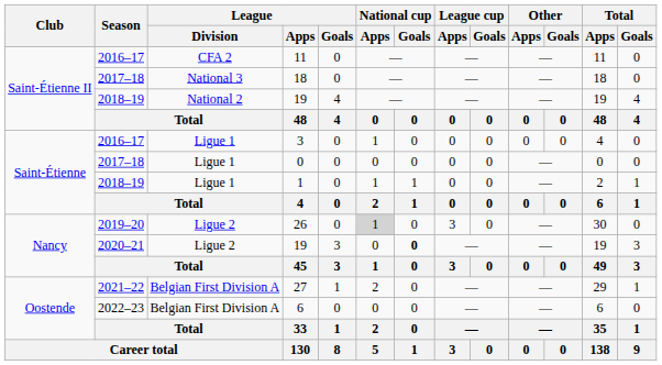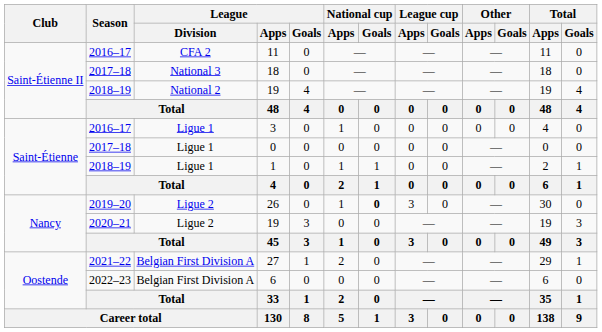 <table class="wikitable" style="text-align:center">
 <tr>
 <th rowspan="2">Club</th>
 <th rowspan="2">Season</th>
 <th colspan="3">League</th>
 <th colspan="2">National cup</th>
 <th colspan="2">League cup</th>
 <th colspan="2">Other</th>
 <th colspan="2">Total</th>
 </tr>
 <tr>
 <th>Division</th>
 <th>Apps</th>
 <th>Goals</th>
 <th>Apps</th>
 <th>Goals</th>
 <th>Apps</th>
 <th>Goals</th>
 <th>Apps</th>
 <th>Goals</th>
 <th>Apps</th>
 <th>Goals</th>
 </tr>
 <tr>
 <td rowspan="4"><a href='#'>Saint-Étienne II</a></td>
 <td><a href='#'>2016–17</a></td>
 <td><a href='#'>CFA 2</a></td>
 <td>11</td>
 <td>0</td>
 <td colspan="2">—</td>
 <td colspan="2">—</td>
 <td colspan="2">—</td>
 <td>11</td>
 <td>0</td>
 </tr>
 <tr>
 <td><a href='#'>2017–18</a></td>
 <td><a href='#'>National 3</a></td>
 <td>18</td>
 <td>0</td>
 <td colspan="2">—</td>
 <td colspan="2">—</td>
 <td colspan="2">—</td>
 <td>18</td>
 <td>0</td>
 </tr>
 <tr>
 <td><a href='#'>2018–19</a></td>
 <td><a href='#'>National 2</a></td>
 <td>19</td>
 <td>4</td>
 <td colspan="2">—</td>
 <td colspan="2">—</td>
 <td colspan="2">—</td>
 <td>19</td>
 <td>4</td>
 </tr>
 <tr>
 <th colspan="2">Total</th>
 <th>48</th>
 <th>4</th>
 <th>0</th>
 <th>0</th>
 <th>0</th>
 <th>0</th>
 <th>0</th>
 <th>0</th>
 <th>48</th>
 <th>4</th>
 </tr>
 <tr>
 <td rowspan="4"><a href='#'>Saint-Étienne</a></td>
 <td><a href='#'>2016–17</a></td>
 <td><a href='#'>Ligue 1</a></td>
 <td>3</td>
 <td>0</td>
 <td>1</td>
 <td>0</td>
 <td>0</td>
 <td>0</td>
 <td>0</td>
 <td>0</td>
 <td>4</td>
 <td>0</td>
 </tr>
 <tr>
 <td><a href='#'>2017–18</a></td>
 <td>Ligue 1</td>
 <td>0</td>
 <td>0</td>
 <td>0</td>
 <td>0</td>
 <td>0</td>
 <td>0</td>
 <td colspan="2">—</td>
 <td>0</td>
 <td>0</td>
 </tr>
 <tr>
 <td><a href='#'>2018–19</a></td>
 <td>Ligue 1</td>
 <td>1</td>
 <td>0</td>
 <td>1</td>
 <td>1</td>
 <td>0</td>
 <td>0</td>
 <td colspan="2">—</td>
 <td>2</td>
 <td>1</td>
 </tr>
 <tr>
 <th colspan="2">Total</th>
 <th>4</th>
 <th>0</th>
 <th>2</th>
 <th>1</th>
 <th>0</th>
 <th>0</th>
 <th>0</th>
 <th>0</th>
 <th>6</th>
 <th>1</th>
 </tr>
 <tr>
 <td rowspan="3"><a href='#'>Nancy</a></td>
 <td><a href='#'>2019–20</a></td>
 <td rowspan="1"><a href='#'>Ligue 2</a></td>
 <td>26</td>
 <td>0</td>
-<td style="background: lightgrey;">1</td>
-<td>0</td>
+<td>1</td>
+<td><strong>0</strong></td>
 <td>3</td>
 <td>0</td>
 <td colspan="2">—</td>
 <td>30</td>
 <td>0</td>
 </tr>
 <tr>
 <td><a href='#'>2020–21</a></td>
 <td>Ligue 2</td>
 <td>19</td>
 <td>3</td>
 <td>0</td>
-<td><strong>0</strong></td>
+<td>0</td>
 <td colspan="2">—</td>
 <td colspan="2">—</td>
 <td>19</td>
 <td>3</td>
 </tr>
 <tr>
 <th colspan="2">Total</th>
 <th>45</th>
 <th>3</th>
 <th>1</th>
 <th>0</th>
 <th>3</th>
 <th>0</th>
 <th>0</th>
 <th>0</th>
 <th>49</th>
 <th>3</th>
 </tr>
 <tr>
 <td rowspan="3"><a href='#'>Oostende</a></td>
 <td><a href='#'>2021–22</a></td>
 <td><a href='#'>Belgian First Division A</a></td>
 <td>27</td>
 <td>1</td>
 <td>2</td>
 <td>0</td>
 <td colspan="2">—</td>
 <td colspan="2">—</td>
 <td>29</td>
 <td>1</td>
 </tr>
 <tr>
 <td>2022–23</td>
 <td>Belgian First Division A</td>
 <td>6</td>
 <td>0</td>
 <td>0</td>
 <td>0</td>
 <td colspan="2">—</td>
 <td colspan="2">—</td>
 <td>6</td>
 <td>0</td>
 </tr>
 <tr>
 <th colspan="2">Total</th>
 <th>33</th>
 <th>1</th>
 <th>2</th>
 <th>0</th>
 <th colspan="2">—</th>
 <th colspan="2">—</th>
 <th>35</th>
 <th>1</th>
 </tr>
 <tr>
 <th colspan="3">Career total</th>
 <th>130</th>
 <th>8</th>
 <th>5</th>
 <th>1</th>
 <th>3</th>
 <th>0</th>
 <th>0</th>
 <th>0</th>
 <th>138</th>
 <th>9</th>
 </tr>
 </table>
